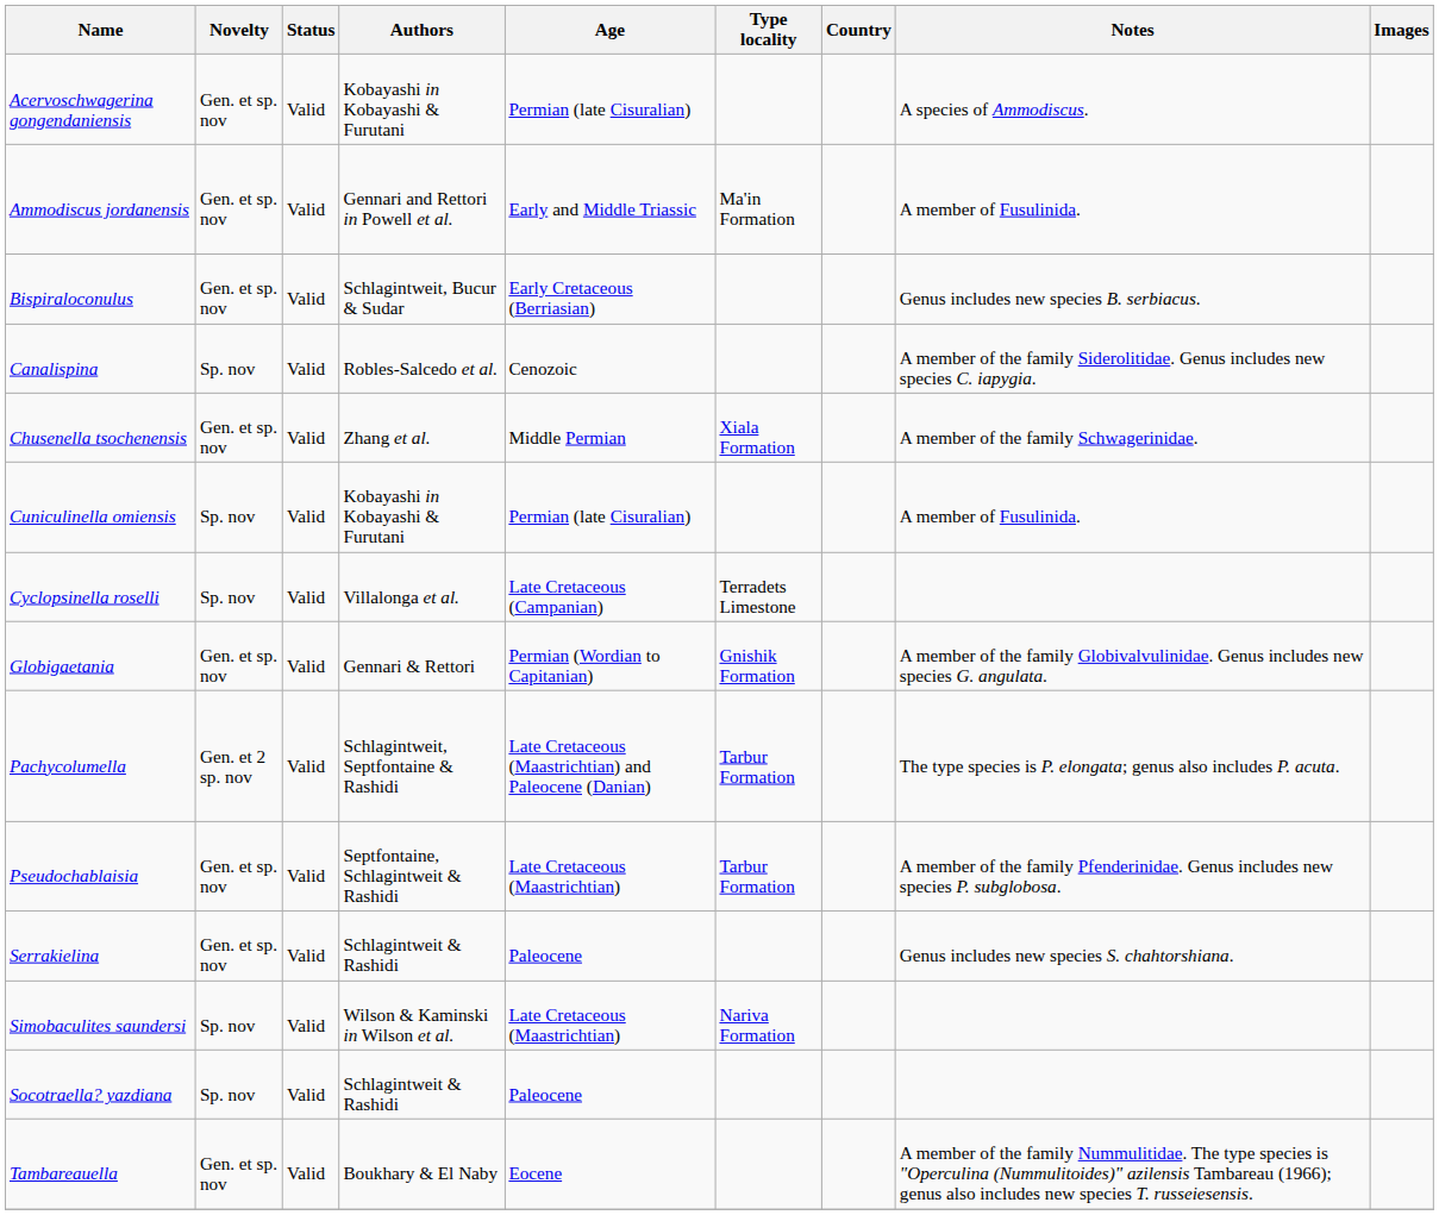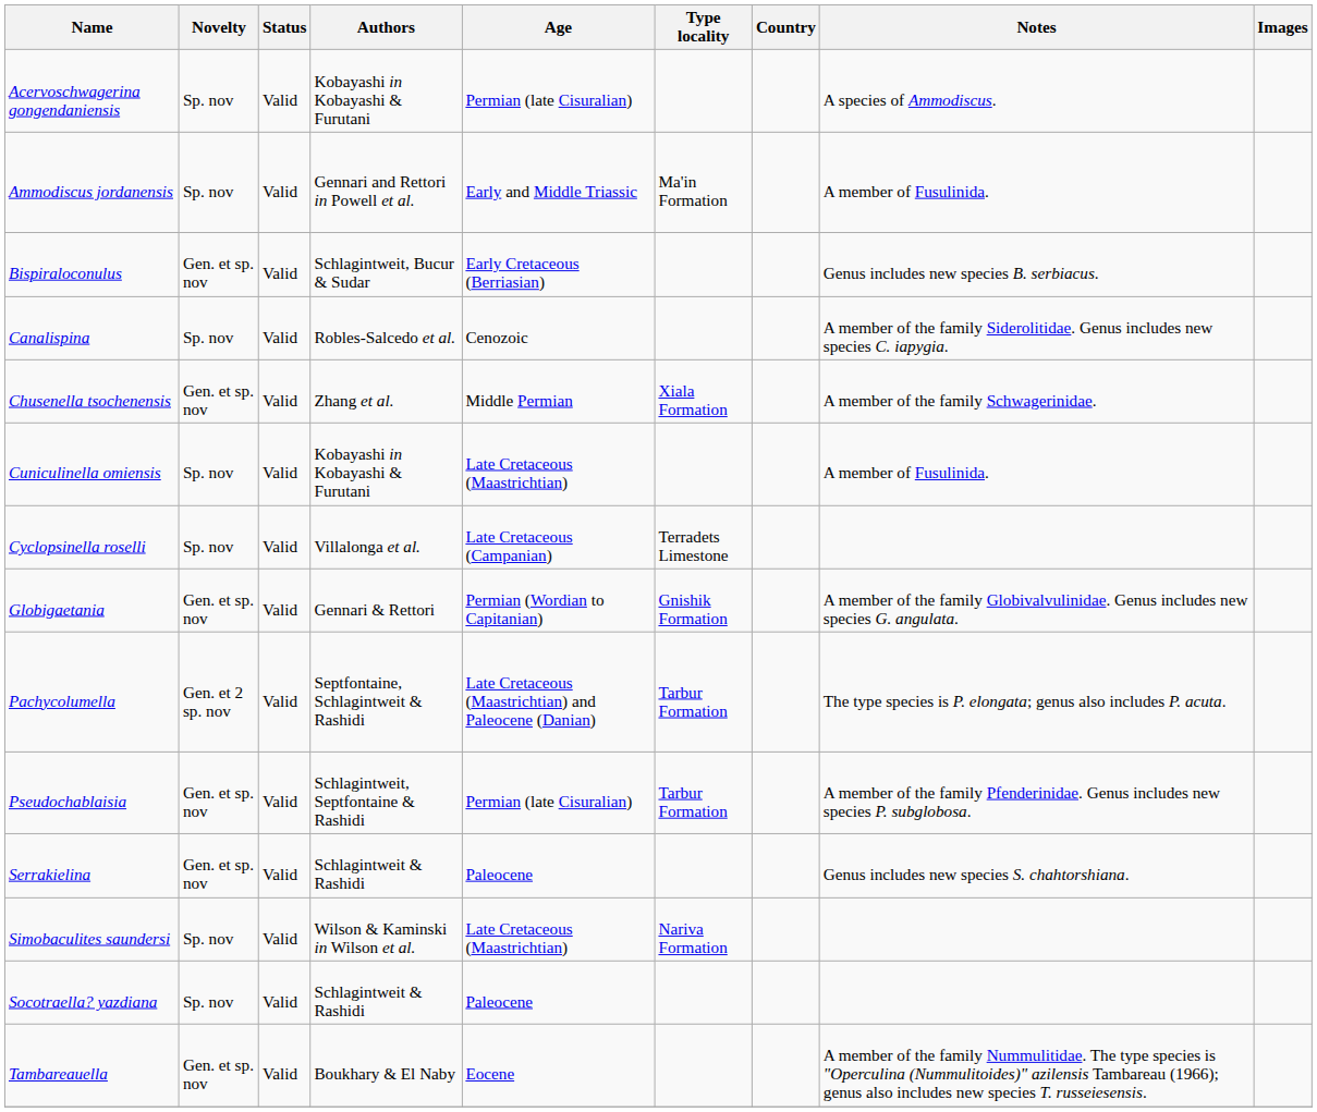 <table class="wikitable sortable" align="center" width="100%">
 <tr>
 <th>Name</th>
 <th>Novelty</th>
 <th>Status</th>
 <th>Authors</th>
 <th>Age</th>
 <th>Type locality</th>
 <th>Country</th>
 <th>Notes</th>
 <th>Images</th>
 </tr>
 <tr>
 <td><br><em><a href='#'>Acervoschwagerina gongendaniensis</a></em></td>
-<td><br>Gen. et sp. nov</td>
+<td><br>Sp. nov</td>
 <td><br>Valid</td>
 <td><br>Kobayashi <em>in</em> Kobayashi & Furutani</td>
 <td><br><a href='#'>Permian</a> (late <a href='#'>Cisuralian</a>)</td>
 <td></td>
 <td><br></td>
 <td><br>A species of <em><a href='#'>Ammodiscus</a></em>.</td>
 <td></td>
 </tr>
 <tr>
 <td><br><em><a href='#'>Ammodiscus jordanensis</a></em></td>
-<td><br>Gen. et sp. nov</td>
+<td><br>Sp. nov</td>
 <td><br>Valid</td>
 <td><br>Gennari and Rettori <em>in</em> Powell <em>et al.</em></td>
 <td><br><a href='#'>Early</a> and <a href='#'>Middle Triassic</a></td>
 <td><br>Ma'in Formation</td>
 <td><br><br> <br> <br> <br> </td>
 <td><br>A member of <a href='#'>Fusulinida</a>.</td>
 <td></td>
 </tr>
 <tr>
 <td><br><em><a href='#'>Bispiraloconulus</a></em></td>
 <td><br>Gen. et sp. nov</td>
 <td><br>Valid</td>
 <td><br>Schlagintweit, Bucur & Sudar</td>
 <td><br><a href='#'>Early Cretaceous</a> (<a href='#'>Berriasian</a>)</td>
 <td></td>
 <td><br></td>
 <td><br>Genus includes new species <em>B. serbiacus</em>.</td>
 <td></td>
 </tr>
 <tr>
 <td><br><em><a href='#'>Canalispina</a></em></td>
 <td><br>Sp. nov</td>
 <td><br>Valid</td>
 <td><br>Robles-Salcedo <em>et al.</em></td>
 <td><br>Cenozoic</td>
 <td></td>
 <td><br></td>
 <td><br>A member of the family <a href='#'>Siderolitidae</a>. Genus includes new species <em>C. iapygia</em>.</td>
 <td></td>
 </tr>
 <tr>
 <td><br><em><a href='#'>Chusenella tsochenensis</a></em></td>
 <td><br>Gen. et sp. nov</td>
 <td><br>Valid</td>
 <td><br>Zhang <em>et al.</em></td>
 <td><br>Middle <a href='#'>Permian</a></td>
 <td><br><a href='#'>Xiala Formation</a></td>
 <td><br></td>
 <td><br>A member of the family <a href='#'>Schwagerinidae</a>.</td>
 <td></td>
 </tr>
 <tr>
 <td><br><em><a href='#'>Cuniculinella omiensis</a></em></td>
 <td><br>Sp. nov</td>
 <td><br>Valid</td>
 <td><br>Kobayashi <em>in</em> Kobayashi & Furutani</td>
-<td><br><a href='#'>Permian</a> (late <a href='#'>Cisuralian</a>)</td>
+<td><br><a href='#'>Late Cretaceous</a> (<a href='#'>Maastrichtian</a>)</td>
 <td></td>
 <td><br></td>
 <td><br>A member of <a href='#'>Fusulinida</a>.</td>
 <td></td>
 </tr>
 <tr>
 <td><br><em><a href='#'>Cyclopsinella roselli</a></em></td>
 <td><br>Sp. nov</td>
 <td><br>Valid</td>
 <td><br>Villalonga <em>et al.</em></td>
 <td><br><a href='#'>Late Cretaceous</a> (<a href='#'>Campanian</a>)</td>
 <td><br>Terradets Limestone</td>
 <td><br></td>
 <td></td>
 <td></td>
 </tr>
 <tr>
 <td><br><em><a href='#'>Globigaetania</a></em></td>
 <td><br>Gen. et sp. nov</td>
 <td><br>Valid</td>
 <td><br>Gennari & Rettori</td>
 <td><br><a href='#'>Permian</a> (<a href='#'>Wordian</a> to <a href='#'>Capitanian</a>)</td>
 <td><br><a href='#'>Gnishik Formation</a></td>
 <td><br><br> </td>
 <td><br>A member of the family <a href='#'>Globivalvulinidae</a>. Genus includes new species <em>G. angulata</em>.</td>
 <td></td>
 </tr>
 <tr>
 <td><br><em><a href='#'>Pachycolumella</a></em></td>
 <td><br>Gen. et 2 sp. nov</td>
 <td><br>Valid</td>
-<td><br>Schlagintweit, Septfontaine & Rashidi</td>
+<td><br>Septfontaine, Schlagintweit & Rashidi</td>
 <td><br><a href='#'>Late Cretaceous</a> (<a href='#'>Maastrichtian</a>) and <a href='#'>Paleocene</a> (<a href='#'>Danian</a>)</td>
 <td><br><a href='#'>Tarbur Formation</a></td>
 <td><br><br> <br> <br> <br> <br></td>
 <td><br>The type species is <em>P. elongata</em>; genus also includes <em>P. acuta</em>.</td>
 <td></td>
 </tr>
 <tr>
 <td><br><em><a href='#'>Pseudochablaisia</a></em></td>
 <td><br>Gen. et sp. nov</td>
 <td><br>Valid</td>
-<td><br>Septfontaine, Schlagintweit & Rashidi</td>
-<td><br><a href='#'>Late Cretaceous</a> (<a href='#'>Maastrichtian</a>)</td>
+<td><br>Schlagintweit, Septfontaine & Rashidi</td>
+<td><br><a href='#'>Permian</a> (late <a href='#'>Cisuralian</a>)</td>
 <td><br><a href='#'>Tarbur Formation</a></td>
 <td><br></td>
 <td><br>A member of the family <a href='#'>Pfenderinidae</a>. Genus includes new species <em>P. subglobosa</em>.</td>
 <td></td>
 </tr>
 <tr>
 <td><br><em><a href='#'>Serrakielina</a></em></td>
 <td><br>Gen. et sp. nov</td>
 <td><br>Valid</td>
 <td><br>Schlagintweit & Rashidi</td>
 <td><br><a href='#'>Paleocene</a></td>
 <td></td>
 <td><br></td>
 <td><br>Genus includes new species <em>S. chahtorshiana</em>.</td>
 <td></td>
 </tr>
 <tr>
 <td><br><em><a href='#'>Simobaculites saundersi</a></em></td>
 <td><br>Sp. nov</td>
 <td><br>Valid</td>
 <td><br>Wilson & Kaminski <em>in</em> Wilson <em>et al.</em></td>
 <td><br><a href='#'>Late Cretaceous</a> (<a href='#'>Maastrichtian</a>)</td>
 <td><br><a href='#'>Nariva Formation</a></td>
 <td><br></td>
 <td></td>
 <td></td>
 </tr>
 <tr>
 <td><br><em><a href='#'>Socotraella? yazdiana</a></em></td>
 <td><br>Sp. nov</td>
 <td><br>Valid</td>
 <td><br>Schlagintweit & Rashidi</td>
 <td><br><a href='#'>Paleocene</a></td>
 <td></td>
 <td><br></td>
 <td></td>
 <td></td>
 </tr>
 <tr>
 <td><br><em><a href='#'>Tambareauella</a></em></td>
 <td><br>Gen. et sp. nov</td>
 <td><br>Valid</td>
 <td><br>Boukhary & El Naby</td>
 <td><br><a href='#'>Eocene</a></td>
 <td></td>
 <td><br><br> </td>
 <td><br>A member of the family <a href='#'>Nummulitidae</a>. The type species is <em>"Operculina (Nummulitoides)" azilensis</em> Tambareau (1966); genus also includes new species <em>T. russeiesensis</em>.</td>
 <td></td>
 </tr>
 <tr>
 </tr>
 </table>
